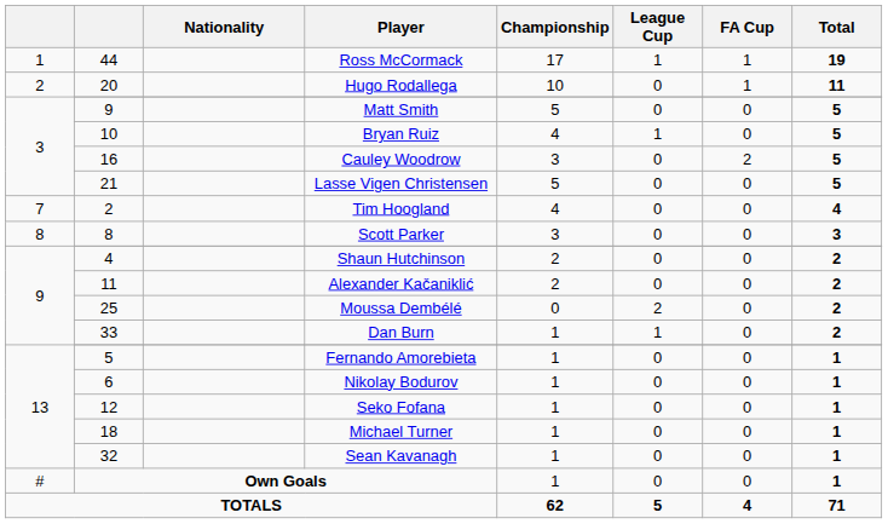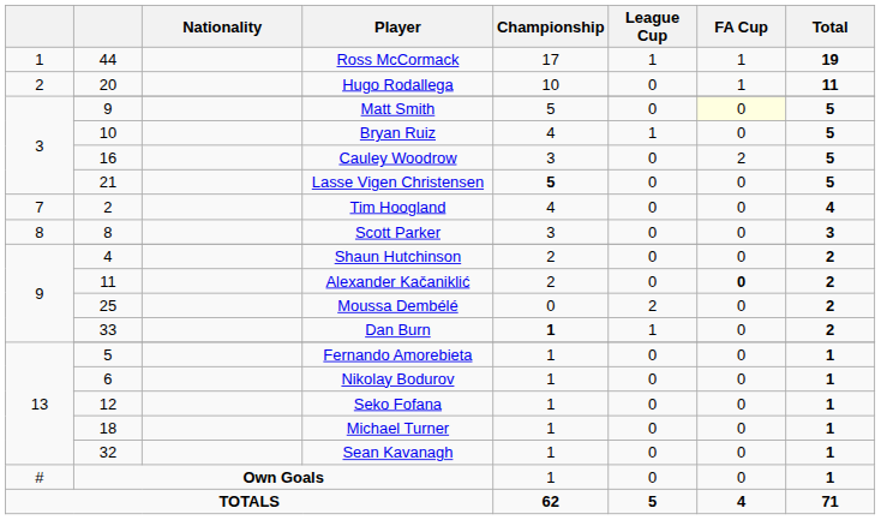 <table class="wikitable" style="font-size: 95%; text-align: center;">
 <tr>
 <th width=60></th>
 <th width=60></th>
 <th width=150>Nationality</th>
 <th width=180>Player</th>
 <th width=100>Championship</th>
 <th width=80>League Cup</th>
 <th width=80>FA Cup</th>
 <th width=80>Total</th>
 </tr>
 <tr>
 <td>1</td>
 <td>44</td>
 <td></td>
 <td><a href='#'>Ross McCormack</a></td>
 <td>17</td>
 <td>1</td>
 <td>1</td>
 <td><strong>19</strong></td>
 </tr>
 <tr>
 <td>2</td>
 <td>20</td>
 <td></td>
 <td><a href='#'>Hugo Rodallega</a></td>
 <td>10</td>
 <td>0</td>
 <td>1</td>
 <td><strong>11</strong></td>
 </tr>
 <tr>
 <td rowspan="5">3</td>
 </tr>
 <tr>
 <td>9</td>
 <td></td>
 <td><a href='#'>Matt Smith</a></td>
 <td>5</td>
 <td>0</td>
-<td>0</td>
+<td style="background: lightyellow;">0</td>
 <td><strong>5</strong></td>
 </tr>
 <tr>
 <td>10</td>
 <td></td>
 <td><a href='#'>Bryan Ruiz</a></td>
 <td>4</td>
 <td>1</td>
 <td>0</td>
 <td><strong>5</strong></td>
 </tr>
 <tr>
 <td>16</td>
 <td></td>
 <td><a href='#'>Cauley Woodrow</a></td>
 <td>3</td>
 <td>0</td>
 <td>2</td>
 <td><strong>5</strong></td>
 </tr>
 <tr>
 <td>21</td>
 <td></td>
 <td><a href='#'>Lasse Vigen Christensen</a></td>
-<td>5</td>
+<td><strong>5</strong></td>
 <td>0</td>
 <td>0</td>
 <td><strong>5</strong></td>
 </tr>
 <tr>
 <td>7</td>
 <td>2</td>
 <td></td>
 <td><a href='#'>Tim Hoogland</a></td>
 <td>4</td>
 <td>0</td>
 <td>0</td>
 <td><strong>4</strong></td>
 </tr>
 <tr>
 <td>8</td>
 <td>8</td>
 <td></td>
 <td><a href='#'>Scott Parker</a></td>
 <td>3</td>
 <td>0</td>
 <td>0</td>
 <td><strong>3</strong></td>
 </tr>
 <tr>
 <td rowspan="5">9</td>
 </tr>
 <tr>
 <td>4</td>
 <td></td>
 <td><a href='#'>Shaun Hutchinson</a></td>
 <td>2</td>
 <td>0</td>
 <td>0</td>
 <td><strong>2</strong></td>
 </tr>
 <tr>
 <td>11</td>
 <td></td>
 <td><a href='#'>Alexander Kačaniklić</a></td>
 <td>2</td>
 <td>0</td>
-<td>0</td>
+<td><strong>0</strong></td>
 <td><strong>2</strong></td>
 </tr>
 <tr>
 <td>25</td>
 <td></td>
 <td><a href='#'>Moussa Dembélé</a></td>
 <td>0</td>
 <td>2</td>
 <td>0</td>
 <td><strong>2</strong></td>
 </tr>
 <tr>
 <td>33</td>
 <td></td>
 <td><a href='#'>Dan Burn</a></td>
-<td>1</td>
+<td><strong>1</strong></td>
 <td>1</td>
 <td>0</td>
 <td><strong>2</strong></td>
 </tr>
 <tr>
 <td rowspan="6">13</td>
 </tr>
 <tr>
 <td>5</td>
 <td></td>
 <td><a href='#'>Fernando Amorebieta</a></td>
 <td>1</td>
 <td>0</td>
 <td>0</td>
 <td><strong>1</strong></td>
 </tr>
 <tr>
 <td>6</td>
 <td></td>
 <td><a href='#'>Nikolay Bodurov</a></td>
 <td>1</td>
 <td>0</td>
 <td>0</td>
 <td><strong>1</strong></td>
 </tr>
 <tr>
 <td>12</td>
 <td></td>
 <td><a href='#'>Seko Fofana</a></td>
 <td>1</td>
 <td>0</td>
 <td>0</td>
 <td><strong>1</strong></td>
 </tr>
 <tr>
 <td>18</td>
 <td></td>
 <td><a href='#'>Michael Turner</a></td>
 <td>1</td>
 <td>0</td>
 <td>0</td>
 <td><strong>1</strong></td>
 </tr>
 <tr>
 <td>32</td>
 <td></td>
 <td><a href='#'>Sean Kavanagh</a></td>
 <td>1</td>
 <td>0</td>
 <td>0</td>
 <td><strong>1</strong></td>
 </tr>
 <tr>
 <td>#</td>
 <td colspan=3><strong>Own Goals</strong></td>
 <td>1</td>
 <td>0</td>
 <td>0</td>
 <td><strong>1</strong></td>
 </tr>
 <tr>
 <td colspan=4><strong>TOTALS</strong></td>
 <td><strong>62</strong></td>
 <td><strong>5</strong></td>
 <td><strong>4</strong></td>
 <td><strong>71</strong></td>
 </tr>
 </table>
